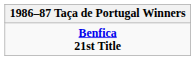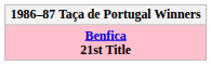 <table class="wikitable" style="text-align: center; margin: 0 auto; width: 20%">
 <tr>
 <th>1986–87 Taça de Portugal Winners</th>
 </tr>
 <tr>
-<td><strong><a href='#'>Benfica</a></strong><br><strong>21st Title</strong></td>
+<td style="background: pink;"><strong><a href='#'>Benfica</a></strong><br><strong>21st Title</strong></td>
 </tr>
 </table>
